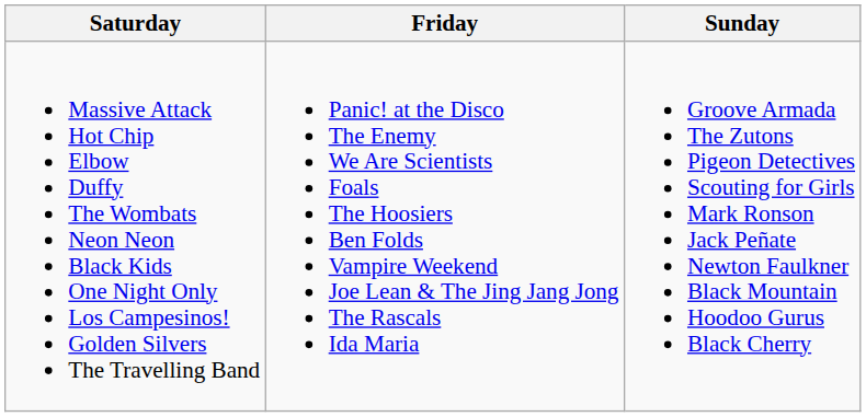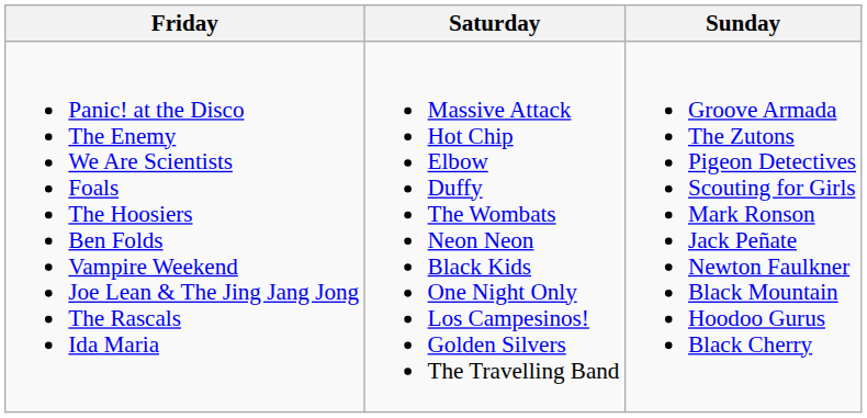 <table class="wikitable">
 <tr>
+<th>Friday</th>
 <th>Saturday</th>
-<th>Friday</th>
 <th>Sunday</th>
 </tr>
 <tr valign="top">
+<td><br><ul><li><a href='#'>Panic! at the Disco</a></li><li><a href='#'>The Enemy</a></li><li><a href='#'>We Are Scientists</a></li><li><a href='#'>Foals</a></li><li><a href='#'>The Hoosiers</a></li><li><a href='#'>Ben Folds</a></li><li><a href='#'>Vampire Weekend</a></li><li><a href='#'>Joe Lean & The Jing Jang Jong</a></li><li><a href='#'>The Rascals</a></li><li><a href='#'>Ida Maria</a></li></ul></td>
 <td><br><ul><li><a href='#'>Massive Attack</a></li><li><a href='#'>Hot Chip</a></li><li><a href='#'>Elbow</a></li><li><a href='#'>Duffy</a></li><li><a href='#'>The Wombats</a></li><li><a href='#'>Neon Neon</a></li><li><a href='#'>Black Kids</a></li><li><a href='#'>One Night Only</a></li><li><a href='#'>Los Campesinos!</a></li><li><a href='#'>Golden Silvers</a></li><li>The Travelling Band</li></ul></td>
-<td><br><ul><li><a href='#'>Panic! at the Disco</a></li><li><a href='#'>The Enemy</a></li><li><a href='#'>We Are Scientists</a></li><li><a href='#'>Foals</a></li><li><a href='#'>The Hoosiers</a></li><li><a href='#'>Ben Folds</a></li><li><a href='#'>Vampire Weekend</a></li><li><a href='#'>Joe Lean & The Jing Jang Jong</a></li><li><a href='#'>The Rascals</a></li><li><a href='#'>Ida Maria</a></li></ul></td>
 <td><br><ul><li><a href='#'>Groove Armada</a></li><li><a href='#'>The Zutons</a></li><li><a href='#'>Pigeon Detectives</a></li><li><a href='#'>Scouting for Girls</a></li><li><a href='#'>Mark Ronson</a></li><li><a href='#'>Jack Peñate</a></li><li><a href='#'>Newton Faulkner</a></li><li><a href='#'>Black Mountain</a></li><li><a href='#'>Hoodoo Gurus</a></li><li><a href='#'>Black Cherry</a></li></ul></td>
 </tr>
 </table>
